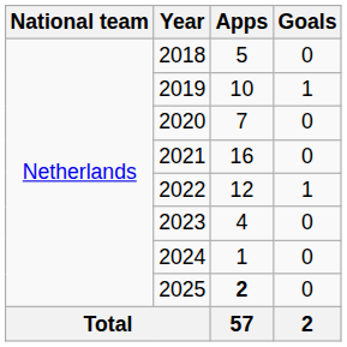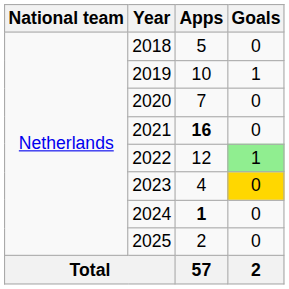 <table class="wikitable" style="text-align:center">
 <tr>
 <th>National team</th>
 <th>Year</th>
 <th>Apps</th>
 <th>Goals</th>
 </tr>
 <tr>
 <td rowspan="8"><a href='#'>Netherlands</a></td>
 <td>2018</td>
 <td>5</td>
 <td>0</td>
 </tr>
 <tr>
 <td>2019</td>
 <td>10</td>
 <td>1</td>
 </tr>
 <tr>
 <td>2020</td>
 <td>7</td>
 <td>0</td>
 </tr>
 <tr>
 <td>2021</td>
-<td>16</td>
+<td><strong>16</strong></td>
 <td>0</td>
 </tr>
 <tr>
 <td>2022</td>
 <td>12</td>
-<td>1</td>
+<td style="background: lightgreen;">1</td>
 </tr>
 <tr>
 <td>2023</td>
 <td>4</td>
-<td>0</td>
+<td style="background: gold;">0</td>
 </tr>
 <tr>
 <td>2024</td>
-<td>1</td>
+<td><strong>1</strong></td>
 <td>0</td>
 </tr>
 <tr>
 <td>2025</td>
-<td><strong>2</strong></td>
+<td>2</td>
 <td>0</td>
 </tr>
 <tr>
 <th colspan="2">Total</th>
 <th>57</th>
 <th>2</th>
 </tr>
 </table>
